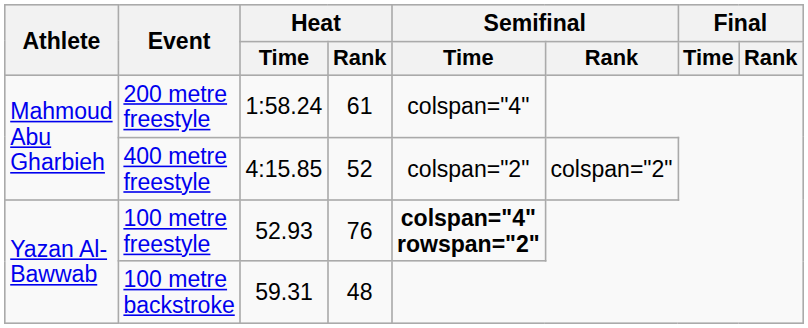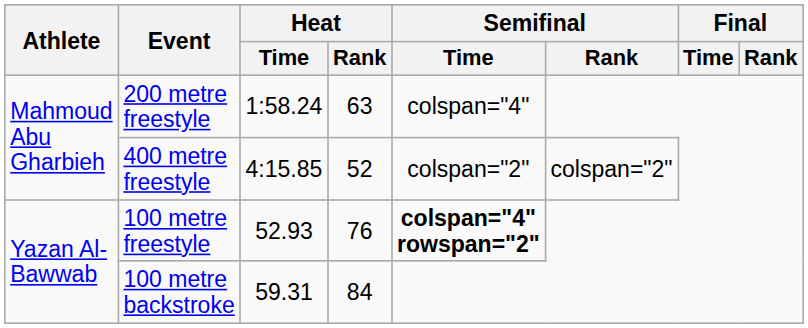 <table class="wikitable" style="text-align:center; font-size:90%; width:50%;">
 <tr>
 <th rowspan="2">Athlete</th>
 <th rowspan="2">Event</th>
 <th colspan="2">Heat</th>
 <th colspan="2">Semifinal</th>
 <th colspan="2">Final</th>
 </tr>
 <tr style="font-size:95%">
 <th>Time</th>
 <th>Rank</th>
 <th>Time</th>
 <th>Rank</th>
 <th>Time</th>
 <th>Rank</th>
 </tr>
 <tr align=center>
 <td align=left rowspan="2"><a href='#'>Mahmoud Abu Gharbieh</a></td>
 <td align=left><a href='#'>200 metre freestyle</a></td>
 <td>1:58.24</td>
-<td>61</td>
+<td>63</td>
 <td>colspan="4"</td>
 </tr>
 <tr align=center>
 <td align=left><a href='#'>400 metre freestyle</a></td>
 <td>4:15.85</td>
 <td>52</td>
 <td>colspan="2"</td>
 <td>colspan="2"</td>
 </tr>
 <tr align=center>
 <td align=left rowspan="2"><a href='#'>Yazan Al-Bawwab</a></td>
 <td align=left><a href='#'>100 metre freestyle</a></td>
 <td>52.93</td>
 <td>76</td>
 <td><strong>colspan="4" rowspan="2"</strong></td>
 </tr>
 <tr align=center>
 <td align=left><a href='#'>100 metre backstroke</a></td>
 <td>59.31</td>
-<td>48</td>
+<td>84</td>
 </tr>
 </table>
